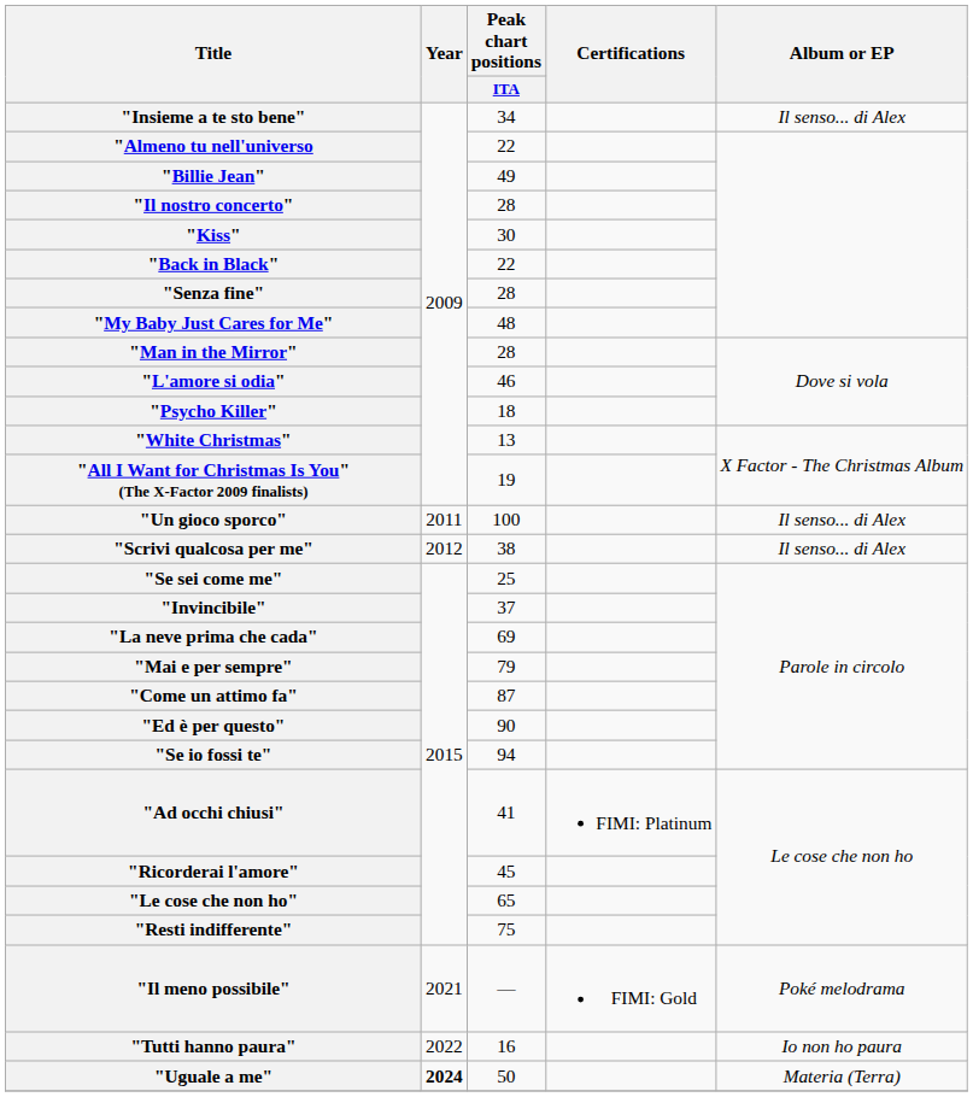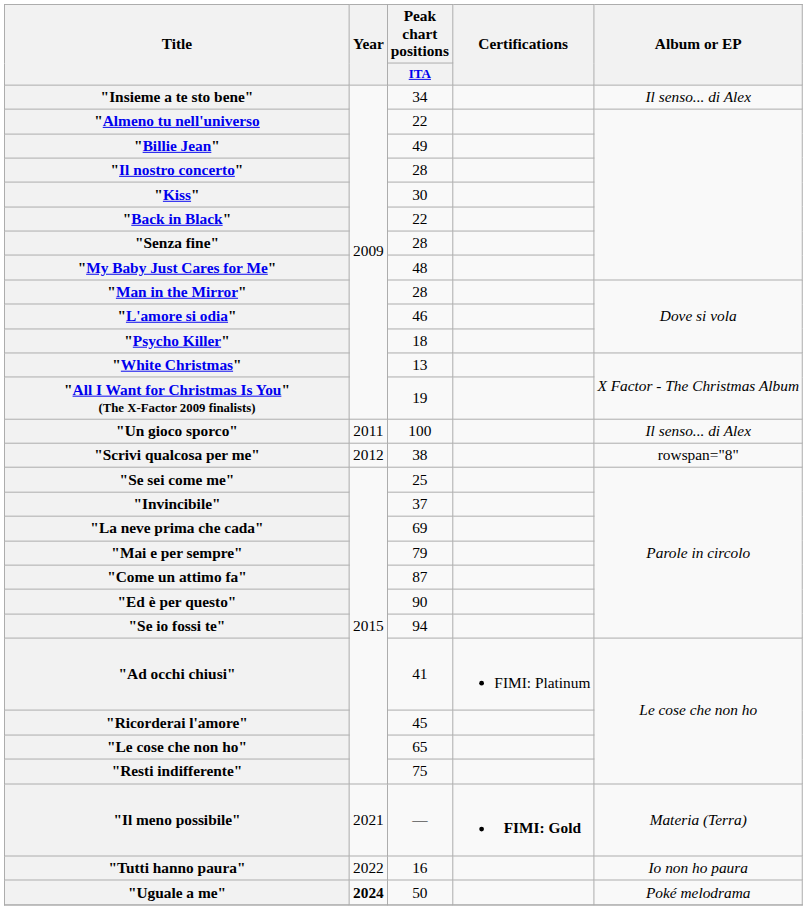 <table class="wikitable plainrowheaders" style="text-align:center;" border="1">
 <tr>
 <th scope="col" rowspan="2" style="width:22em;">Title</th>
 <th scope="col" rowspan="2" style="width:1em;">Year</th>
 <th scope="col" colspan="1">Peak chart positions</th>
 <th scope="col" rowspan="2">Certifications</th>
 <th scope="col" rowspan="2">Album or EP</th>
 </tr>
 <tr>
 <th scope="col" style="width:3em;font-size:85%;"><a href='#'>ITA</a><br></th>
 </tr>
 <tr>
 <th scope="row">"Insieme a te sto bene"</th>
 <td rowspan="13">2009</td>
 <td>34</td>
 <td></td>
 <td><em>Il senso... di Alex</em></td>
 </tr>
 <tr>
 <th scope="row">"<a href='#'>Almeno tu nell'universo</a></th>
 <td>22</td>
 <td></td>
 </tr>
 <tr>
 <th scope="row">"<a href='#'>Billie Jean</a>"</th>
 <td>49</td>
 <td></td>
 </tr>
 <tr>
 <th scope="row">"<a href='#'>Il nostro concerto</a>"</th>
 <td>28</td>
 <td></td>
 </tr>
 <tr>
 <th scope="row">"<a href='#'>Kiss</a>"</th>
 <td>30</td>
 <td></td>
 </tr>
 <tr>
 <th scope="row">"<a href='#'>Back in Black</a>"</th>
 <td>22</td>
 <td></td>
 </tr>
 <tr>
 <th scope="row">"Senza fine"</th>
 <td>28</td>
 <td></td>
 </tr>
 <tr>
 <th scope="row">"<a href='#'>My Baby Just Cares for Me</a>"</th>
 <td>48</td>
 <td></td>
 </tr>
 <tr>
 <th scope="row">"<a href='#'>Man in the Mirror</a>"</th>
 <td>28</td>
 <td></td>
 <td rowspan="3"><em>Dove si vola</em></td>
 </tr>
 <tr>
 <th scope="row">"<a href='#'>L'amore si odia</a>"</th>
 <td>46</td>
 <td></td>
 </tr>
 <tr>
 <th scope="row">"<a href='#'>Psycho Killer</a>"</th>
 <td>18</td>
 <td></td>
 </tr>
 <tr>
 <th scope="row">"<a href='#'>White Christmas</a>"</th>
 <td>13</td>
 <td></td>
 <td rowspan="2"><em>X Factor - The Christmas Album</em></td>
 </tr>
 <tr>
 <th scope="row">"<a href='#'>All I Want for Christmas Is You</a>"<br><small>(The X-Factor 2009 finalists)</small></th>
 <td>19</td>
 <td></td>
 </tr>
 <tr>
 <th scope="row">"Un gioco sporco"</th>
 <td>2011</td>
 <td>100</td>
 <td></td>
 <td><em>Il senso... di Alex</em></td>
 </tr>
 <tr>
 <th scope="row">"Scrivi qualcosa per me"</th>
 <td>2012</td>
 <td>38</td>
 <td></td>
-<td><em>Il senso... di Alex</em></td>
+<td>rowspan="8" </td>
 </tr>
 <tr>
 <th scope="row">"Se sei come me"</th>
 <td rowspan="11">2015</td>
 <td>25</td>
 <td></td>
 <td rowspan="7"><em>Parole in circolo</em></td>
 </tr>
 <tr>
 <th scope="row">"Invincibile"</th>
 <td>37</td>
 <td></td>
 </tr>
 <tr>
 <th scope="row">"La neve prima che cada"</th>
 <td>69</td>
 <td></td>
 </tr>
 <tr>
 <th scope="row">"Mai e per sempre"</th>
 <td>79</td>
 </tr>
 <tr>
 <th scope="row">"Come un attimo fa"</th>
 <td>87</td>
 <td></td>
 </tr>
 <tr>
 <th scope="row">"Ed è per questo"</th>
 <td>90</td>
 <td></td>
 </tr>
 <tr>
 <th scope="row">"Se io fossi te"</th>
 <td>94</td>
 <td></td>
 </tr>
 <tr>
 <th scope="row">"Ad occhi chiusi"</th>
 <td>41</td>
 <td><br><ul><li>FIMI: Platinum</li></ul></td>
 <td rowspan="4"><em>Le cose che non ho</em></td>
 </tr>
 <tr>
 <th scope="row">"Ricorderai l'amore"</th>
 <td>45</td>
 <td></td>
 </tr>
 <tr>
 <th scope="row">"Le cose che non ho"</th>
 <td>65</td>
 <td></td>
 </tr>
 <tr>
 <th scope="row">"Resti indifferente"</th>
 <td>75</td>
 <td></td>
 </tr>
 <tr>
 <th scope="row">"Il meno possibile"<br></th>
 <td>2021</td>
 <td>—</td>
-<td><br><ul><li>FIMI: Gold</li></ul></td>
-<td><em>Poké melodrama</em></td>
+<td><strong><br><ul><li>FIMI: Gold</li></ul></strong></td>
+<td><em>Materia (Terra)</em></td>
 </tr>
 <tr>
 <th scope="row">"Tutti hanno paura"<br></th>
 <td>2022</td>
 <td>16</td>
 <td></td>
 <td><em>Io non ho paura</em></td>
 </tr>
 <tr>
 <th scope="row">"Uguale a me"<br></th>
 <td><strong>2024</strong></td>
 <td>50</td>
 <td></td>
-<td><em>Materia (Terra)</em></td>
+<td><em>Poké melodrama</em></td>
 </tr>
 <tr>
 </tr>
 </table>
